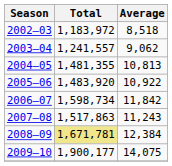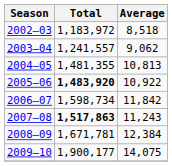 <table class="wikitable">
 <tr>
 <th>Season</th>
 <th>Total</th>
 <th width>Average</th>
 </tr>
 <tr>
 <td><a href='#'>2002–03</a></td>
 <td>1,183,972</td>
 <td style="text-align: center;">8,518</td>
 </tr>
 <tr>
 <td><a href='#'>2003–04</a></td>
 <td>1,241,557</td>
 <td style="text-align: center;">9,062</td>
 </tr>
 <tr>
 <td><a href='#'>2004–05</a></td>
 <td>1,481,355</td>
 <td style="text-align: center;">10,813</td>
 </tr>
 <tr>
 <td><a href='#'>2005–06</a></td>
-<td>1,483,920</td>
+<td><strong>1,483,920</strong></td>
 <td style="text-align: center;">10,922</td>
 </tr>
 <tr>
 <td><a href='#'>2006–07</a></td>
 <td>1,598,734</td>
 <td style="text-align: center;">11,842</td>
 </tr>
 <tr>
 <td><a href='#'>2007–08</a></td>
-<td>1,517,863</td>
+<td><strong>1,517,863</strong></td>
 <td style="text-align: center;">11,243</td>
 </tr>
 <tr>
 <td><a href='#'>2008–09</a></td>
-<td style="background: khaki;">1,671,781</td>
+<td>1,671,781</td>
 <td style="text-align: center;">12,384</td>
 </tr>
 <tr>
 <td><a href='#'>2009–10</a></td>
 <td>1,900,177</td>
 <td style="text-align: center;">14,075</td>
 </tr>
 <tr>
 </tr>
 </table>
